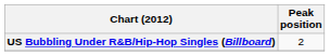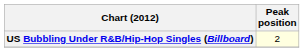 <table class="wikitable sortable plainrowheaders" style="text-align:center">
 <tr>
 <th scope="col">Chart (2012)</th>
 <th scope="col">Peak<br>position</th>
 </tr>
 <tr>
 <th scope="row">US <a href='#'>Bubbling Under R&B/Hip-Hop Singles</a> (<em><a href='#'>Billboard</a></em>)</th>
-<td>2</td>
+<td style="background: lightyellow;">2</td>
 </tr>
 <tr>
 </tr>
 </table>
